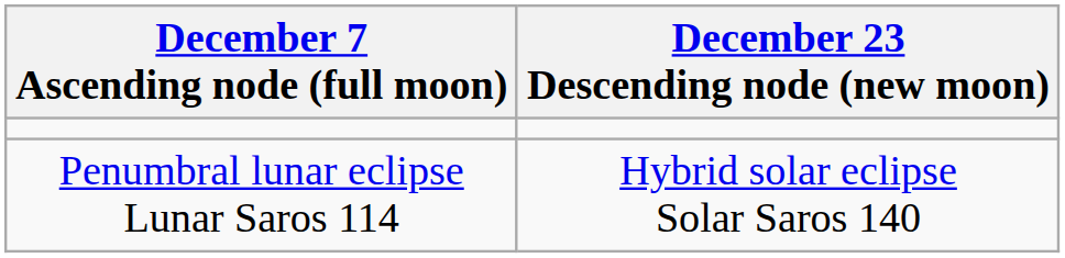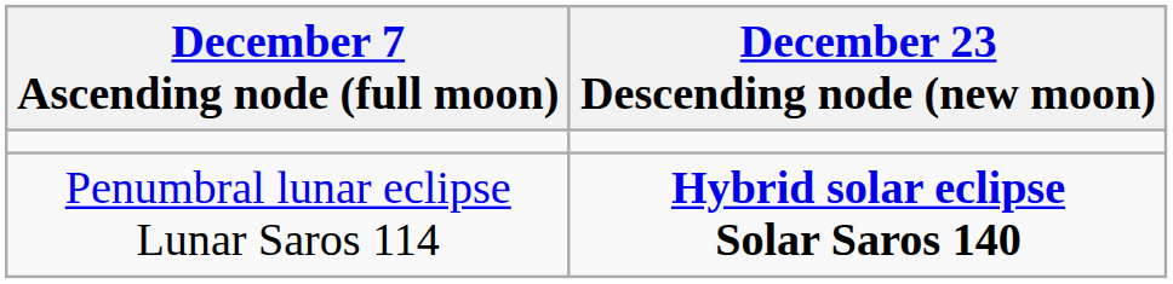 <table class="wikitable">
 <tr>
 <th><a href='#'>December 7</a><br>Ascending node (full moon)</th>
 <th><a href='#'>December 23</a><br>Descending node (new moon)</th>
 </tr>
 <tr>
 <td></td>
 <td></td>
 </tr>
 <tr align=center>
 <td><a href='#'>Penumbral lunar eclipse</a><br>Lunar Saros 114</td>
-<td><a href='#'>Hybrid solar eclipse</a><br>Solar Saros 140</td>
+<td><strong><a href='#'>Hybrid solar eclipse</a><br>Solar Saros 140</strong></td>
 </tr>
 </table>
